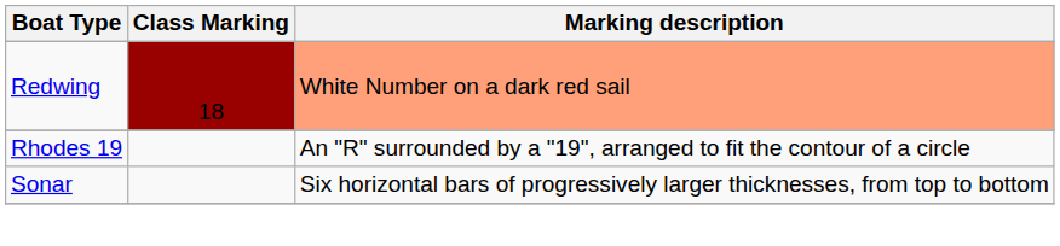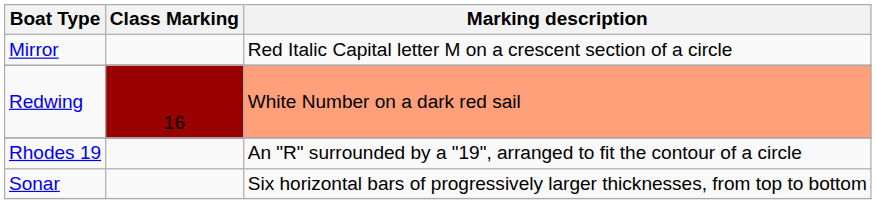 <table class="wikitable">
 <tr>
 <th>Boat Type</th>
 <th>Class Marking</th>
 <th>Marking description</th>
 </tr>
 <tr>
+<td><a href='#'>Mirror</a></td>
+<td></td>
+<td>Red Italic Capital letter M on a crescent section of a circle</td>
+</tr>
+<tr>
 </tr>
 <tr>
 <td><a href='#'>Redwing</a></td>
-<td style="text-align:center; background:#990000;"><br><br><span>18</span> <br></td>
+<td style="text-align:center; background:#990000;"><br><br><span>16</span> <br></td>
 <td style="background: lightsalmon;">White Number on a dark red sail</td>
 </tr>
 <tr>
 </tr>
 <tr>
 <td><a href='#'>Rhodes 19</a></td>
 <td></td>
 <td>An "R" surrounded by a "19", arranged to fit the contour of a circle</td>
 </tr>
 <tr>
 <td><a href='#'>Sonar</a></td>
 <td></td>
 <td>Six horizontal bars of progressively larger thicknesses, from top to bottom</td>
 </tr>
 <tr>
 </tr>
 </table>
